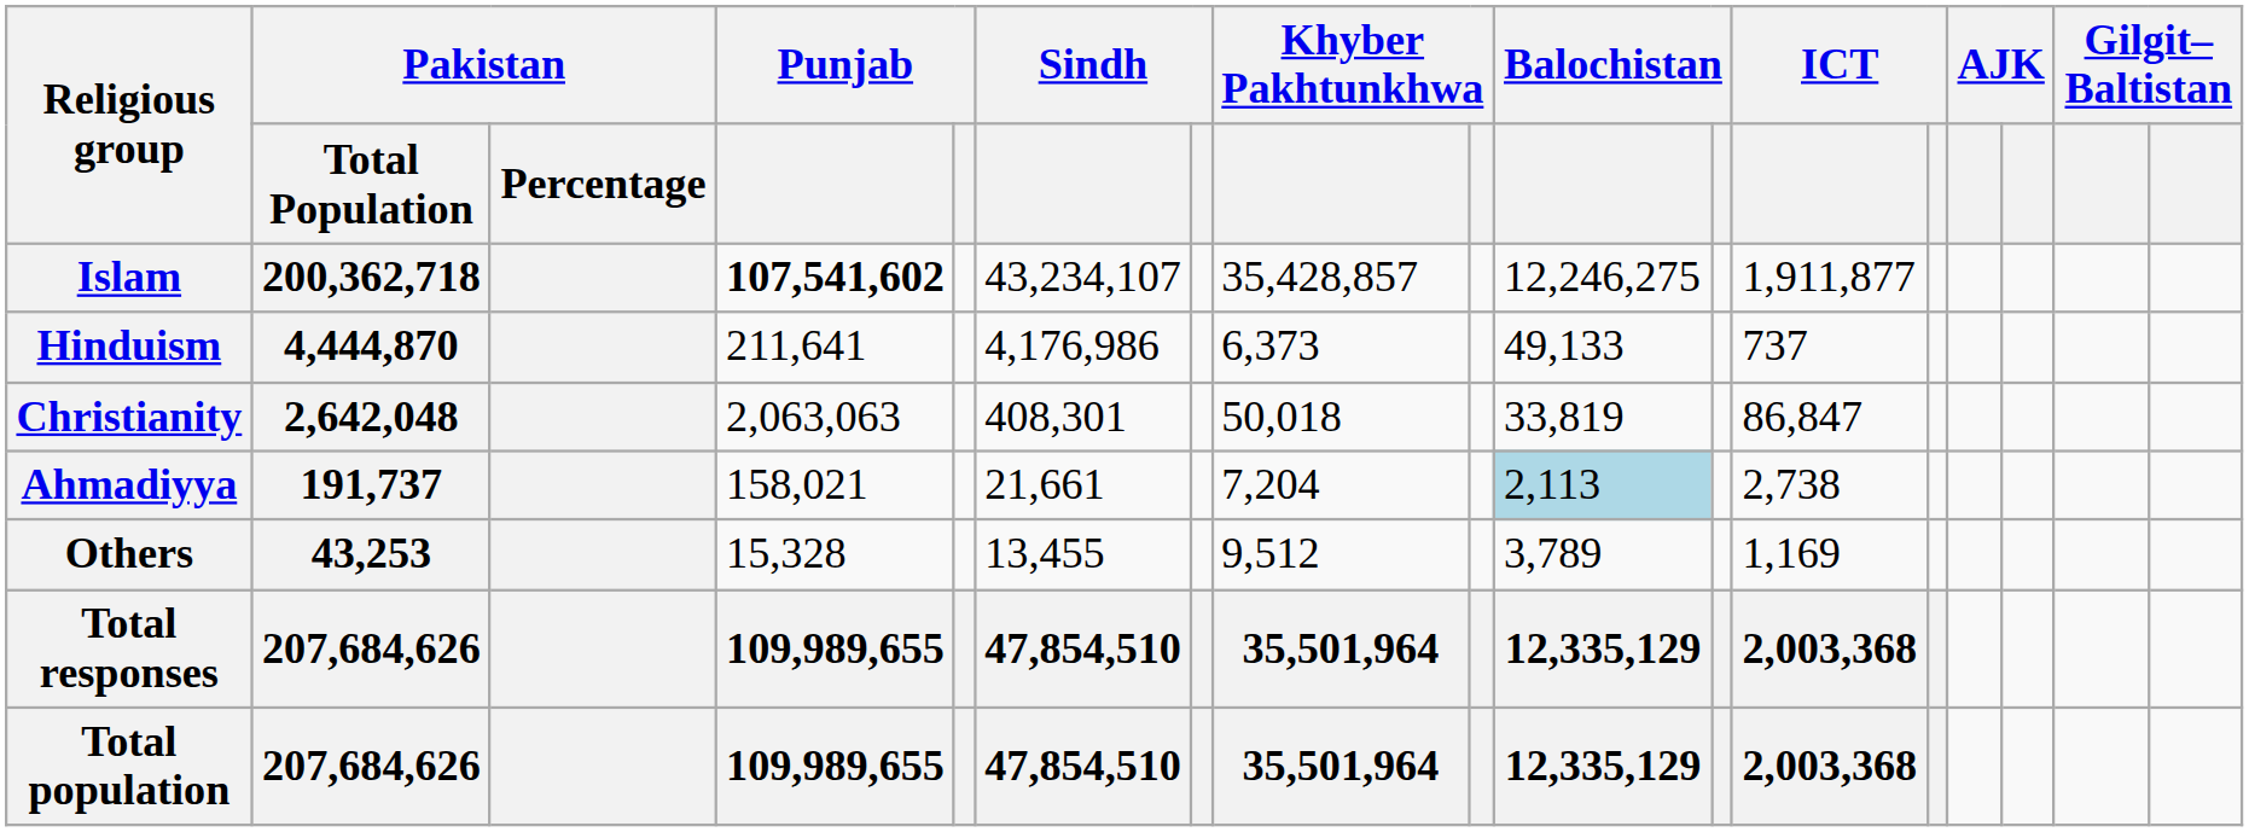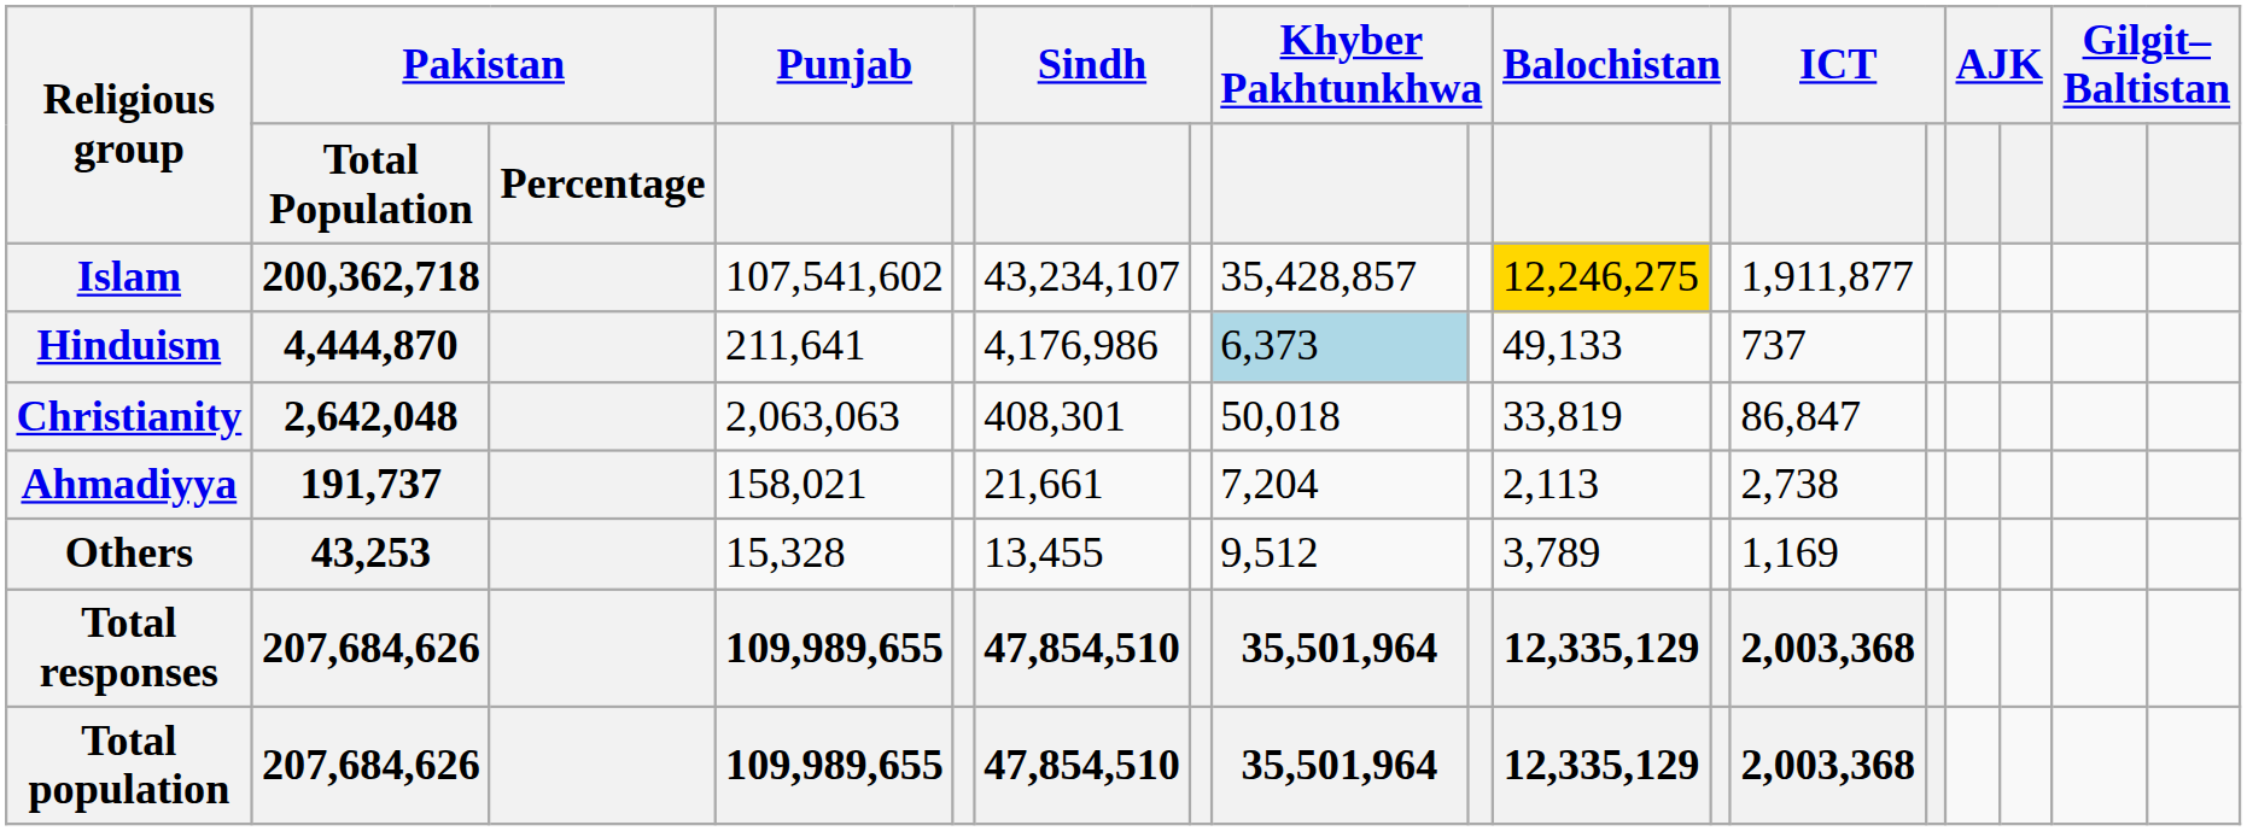 <table class="wikitable sortable">
 <tr>
 <th rowspan="2">Religious<br>group</th>
 <th colspan="2"><a href='#'>Pakistan</a></th>
 <th colspan="2"><a href='#'>Punjab</a></th>
 <th colspan="2"><a href='#'>Sindh</a></th>
 <th colspan="2"><a href='#'>Khyber<br>Pakhtunkhwa</a></th>
 <th colspan="2"><a href='#'>Balochistan</a></th>
 <th colspan="2"><a href='#'>ICT</a></th>
 <th colspan="2"><a href='#'>AJK</a></th>
 <th colspan="2"><a href='#'>Gilgit–<br>Baltistan</a></th>
 </tr>
 <tr>
 <th>Total<br>Population</th>
 <th>Percentage</th>
 <th><a href='#'></a></th>
 <th></th>
 <th></th>
 <th></th>
 <th></th>
 <th></th>
 <th></th>
 <th></th>
 <th></th>
 <th></th>
 <th></th>
 <th></th>
 <th></th>
 <th></th>
 </tr>
 <tr>
 <th><a href='#'>Islam</a> </th>
 <th>200,362,718</th>
 <th></th>
-<td><strong>107,541,602</strong></td>
+<td>107,541,602</td>
 <td></td>
 <td>43,234,107</td>
 <td></td>
 <td>35,428,857</td>
 <td></td>
-<td>12,246,275</td>
+<td style="background: gold;">12,246,275</td>
 <td></td>
 <td>1,911,877</td>
 <td></td>
 <td></td>
 <td></td>
 <td></td>
 <td></td>
 </tr>
 <tr>
 <th><a href='#'>Hinduism</a> </th>
 <th>4,444,870</th>
 <th></th>
 <td>211,641</td>
 <td></td>
 <td>4,176,986</td>
 <td></td>
-<td>6,373</td>
+<td style="background: lightblue;">6,373</td>
 <td></td>
 <td>49,133</td>
 <td></td>
 <td>737</td>
 <td></td>
 <td></td>
 <td></td>
 <td></td>
 <td></td>
 </tr>
 <tr>
 <th><a href='#'>Christianity</a> </th>
 <th>2,642,048</th>
 <th></th>
 <td>2,063,063</td>
 <td></td>
 <td>408,301</td>
 <td></td>
 <td>50,018</td>
 <td></td>
 <td>33,819</td>
 <td></td>
 <td>86,847</td>
 <td></td>
 <td></td>
 <td></td>
 <td></td>
 <td></td>
 </tr>
 <tr>
 <th><a href='#'>Ahmadiyya</a> </th>
 <th>191,737</th>
 <th></th>
 <td>158,021</td>
 <td></td>
 <td>21,661</td>
 <td></td>
 <td>7,204</td>
 <td></td>
-<td style="background: lightblue;">2,113</td>
+<td>2,113</td>
 <td></td>
 <td>2,738</td>
 <td></td>
 <td></td>
 <td></td>
 <td></td>
 <td></td>
 </tr>
 <tr>
 <th>Others</th>
 <th>43,253</th>
 <th></th>
 <td>15,328</td>
 <td></td>
 <td>13,455</td>
 <td></td>
 <td>9,512</td>
 <td></td>
 <td>3,789</td>
 <td></td>
 <td>1,169</td>
 <td></td>
 <td></td>
 <td></td>
 <td></td>
 <td></td>
 </tr>
 <tr>
 <th>Total responses</th>
 <th>207,684,626</th>
 <th></th>
 <th>109,989,655</th>
 <th></th>
 <th>47,854,510</th>
 <th></th>
 <th>35,501,964</th>
 <th></th>
 <th>12,335,129</th>
 <th></th>
 <th>2,003,368</th>
 <th></th>
 <td></td>
 <td></td>
 <td></td>
 <td></td>
 </tr>
 <tr>
 <th>Total population</th>
 <th>207,684,626</th>
 <th></th>
 <th>109,989,655</th>
 <th></th>
 <th>47,854,510</th>
 <th></th>
 <th>35,501,964</th>
 <th></th>
 <th>12,335,129</th>
 <th></th>
 <th>2,003,368</th>
 <th></th>
 <td></td>
 <td></td>
 <td></td>
 <td></td>
 </tr>
 </table>
